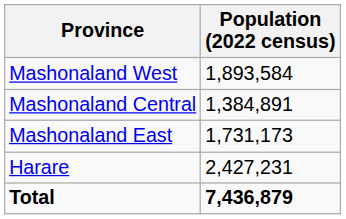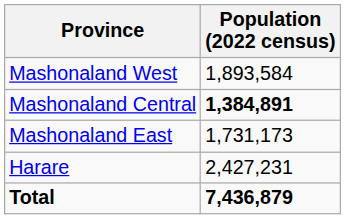 <table class="wikitable sortable">
 <tr>
 <th>Province</th>
 <th>Population<br>(2022 census)</th>
 </tr>
 <tr>
 <td><a href='#'>Mashonaland West</a></td>
 <td>1,893,584</td>
 </tr>
 <tr>
 <td><a href='#'>Mashonaland Central</a></td>
-<td>1,384,891</td>
+<td><strong>1,384,891</strong></td>
 </tr>
 <tr>
 <td><a href='#'>Mashonaland East</a></td>
 <td>1,731,173</td>
 </tr>
 <tr>
 <td><a href='#'>Harare</a></td>
 <td>2,427,231</td>
 </tr>
 <tr>
 <td><strong>Total</strong></td>
 <td><strong>7,436,879</strong></td>
 </tr>
 </table>
